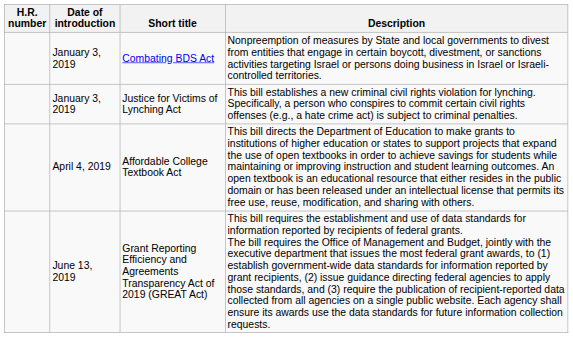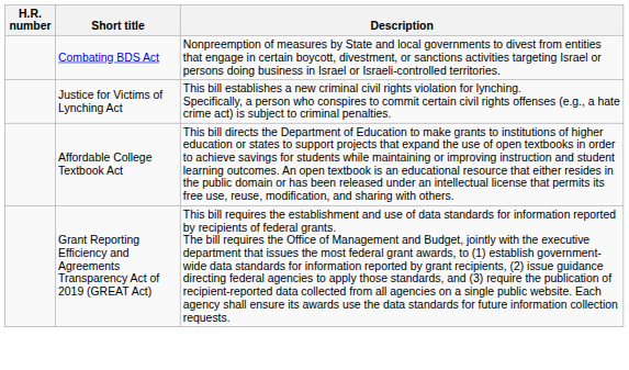 <table class="wikitable">
 <tr valign="bottom">
 <th>H.R. number</th>
-<th>Date of introduction</th>
 <th>Short title</th>
 <th>Description</th>
 </tr>
 <tr>
 <td></td>
-<td>January 3, 2019</td>
 <td><a href='#'>Combating BDS Act</a></td>
 <td>Nonpreemption of measures by State and local governments to divest from entities that engage in certain boycott, divestment, or sanctions activities targeting Israel or persons doing business in Israel or Israeli-controlled territories.</td>
 </tr>
 <tr>
 <td></td>
-<td>January 3, 2019</td>
 <td>Justice for Victims of Lynching Act</td>
 <td>This bill establishes a new criminal civil rights violation for lynching.<br>Specifically, a person who conspires to commit certain civil rights offenses (e.g., a hate crime act) is subject to criminal penalties.</td>
 </tr>
 <tr>
 <td></td>
-<td>April 4, 2019</td>
 <td>Affordable College Textbook Act </td>
 <td>This bill directs the Department of Education to make grants to institutions of higher education or states to support projects that expand the use of open textbooks in order to achieve savings for students while maintaining or improving instruction and student learning outcomes. An open textbook is an educational resource that either resides in the public domain or has been released under an intellectual license that permits its free use, reuse, modification, and sharing with others.</td>
 </tr>
 <tr>
 <td></td>
-<td>June 13, 2019</td>
 <td>Grant Reporting Efficiency and Agreements Transparency Act of 2019 (GREAT Act)</td>
 <td>This bill requires the establishment and use of data standards for information reported by recipients of federal grants.<br>The bill requires the Office of Management and Budget, jointly with the executive department that issues the most federal grant awards, to (1) establish government-wide data standards for information reported by grant recipients, (2) issue guidance directing federal agencies to apply those standards, and (3) require the publication of recipient-reported data collected from all agencies on a single public website. Each agency shall ensure its awards use the data standards for future information collection requests.</td>
 </tr>
 </table>
